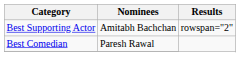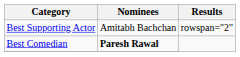 <table class="wikitable storable">
 <tr>
 <th>Category</th>
 <th>Nominees</th>
 <th>Results</th>
 </tr>
 <tr>
 <td><a href='#'>Best Supporting Actor</a></td>
 <td>Amitabh Bachchan</td>
 <td>rowspan="2"</td>
 </tr>
 <tr>
 <td><a href='#'>Best Comedian</a></td>
-<td>Paresh Rawal</td>
+<td><strong>Paresh Rawal</strong></td>
 </tr>
 <tr>
 </tr>
 </table>
